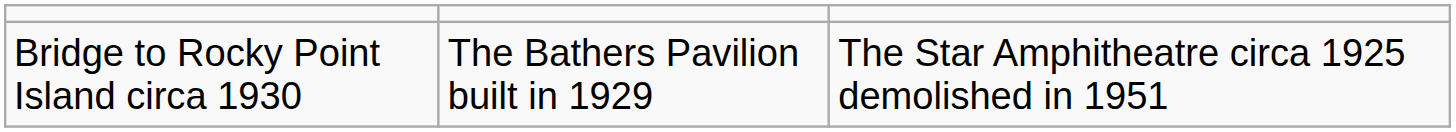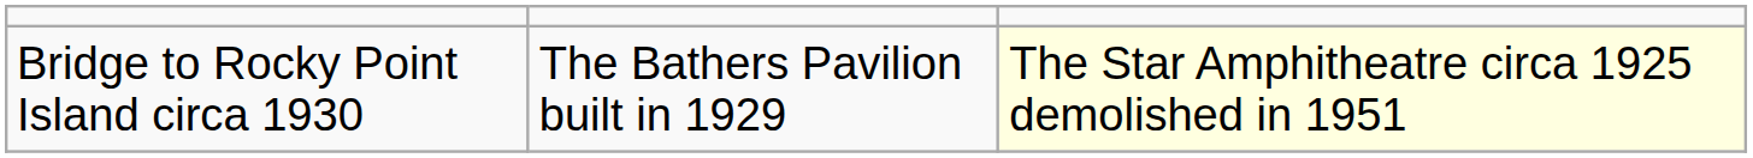 <table class="wikitable" border="1">
 <tr>
 <td></td>
 <td></td>
 <td></td>
 </tr>
 <tr>
 <td>Bridge to Rocky Point Island circa 1930</td>
 <td>The Bathers Pavilion built in 1929</td>
-<td>The Star Amphitheatre circa 1925 demolished in 1951</td>
+<td style="background: lightyellow;">The Star Amphitheatre circa 1925 demolished in 1951</td>
 </tr>
 </table>
